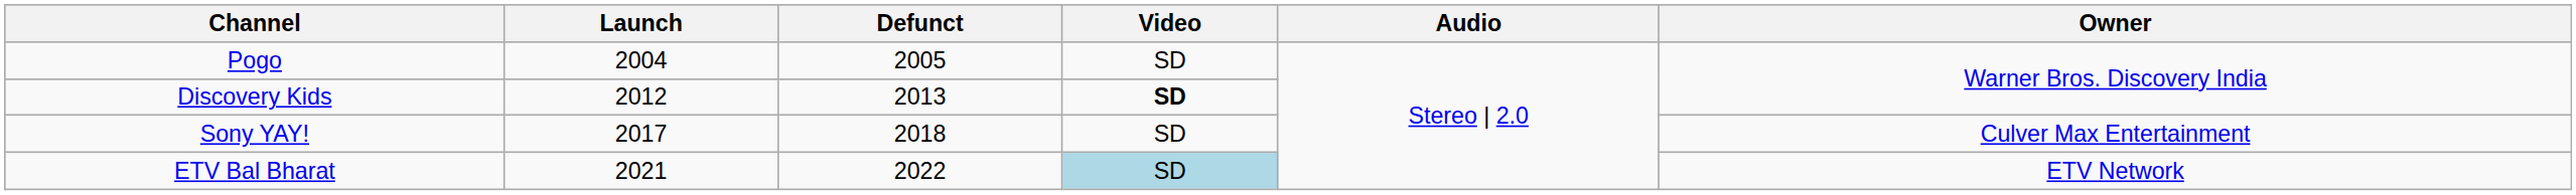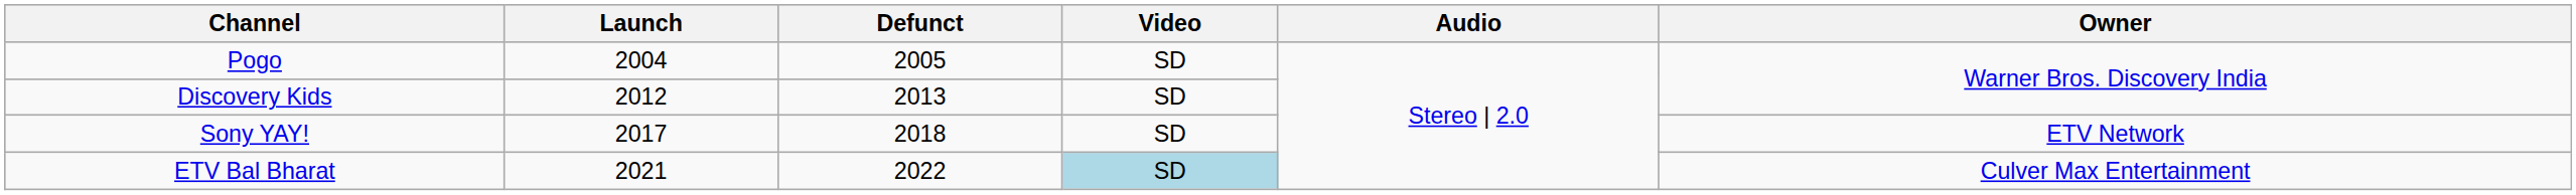 <table class="wikitable sortable" style="border-collapse:collapse; font-size: 90%; text-align:center" width="100%">
 <tr>
 <th>Channel</th>
 <th>Launch</th>
 <th>Defunct</th>
 <th>Video</th>
 <th>Audio</th>
 <th>Owner</th>
 </tr>
 <tr>
 <td><a href='#'>Pogo</a></td>
 <td>2004</td>
 <td>2005</td>
 <td>SD</td>
 <td rowspan="4"><a href='#'>Stereo</a> | <a href='#'>2.0</a></td>
 <td rowspan="2"><a href='#'>Warner Bros. Discovery India</a></td>
 </tr>
 <tr>
 <td><a href='#'>Discovery Kids</a></td>
 <td>2012</td>
 <td>2013</td>
-<td><strong>SD</strong></td>
+<td>SD</td>
 </tr>
 <tr>
 <td><a href='#'>Sony YAY!</a></td>
 <td>2017</td>
 <td>2018</td>
 <td>SD</td>
-<td><a href='#'>Culver Max Entertainment</a></td>
+<td><a href='#'>ETV Network</a></td>
 </tr>
 <tr>
 <td><a href='#'>ETV Bal Bharat</a></td>
 <td>2021</td>
 <td>2022</td>
 <td style="background: lightblue;">SD</td>
-<td><a href='#'>ETV Network</a></td>
+<td><a href='#'>Culver Max Entertainment</a></td>
 </tr>
 </table>
